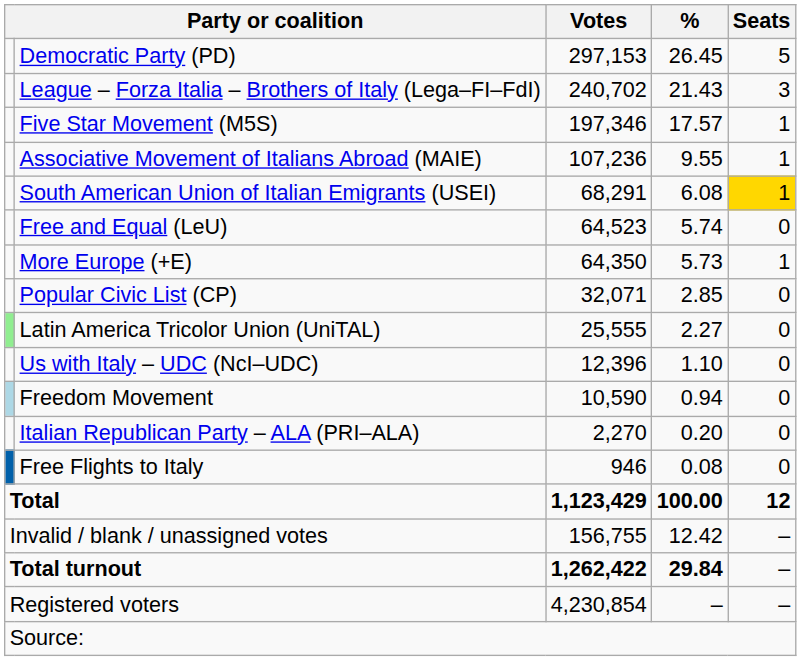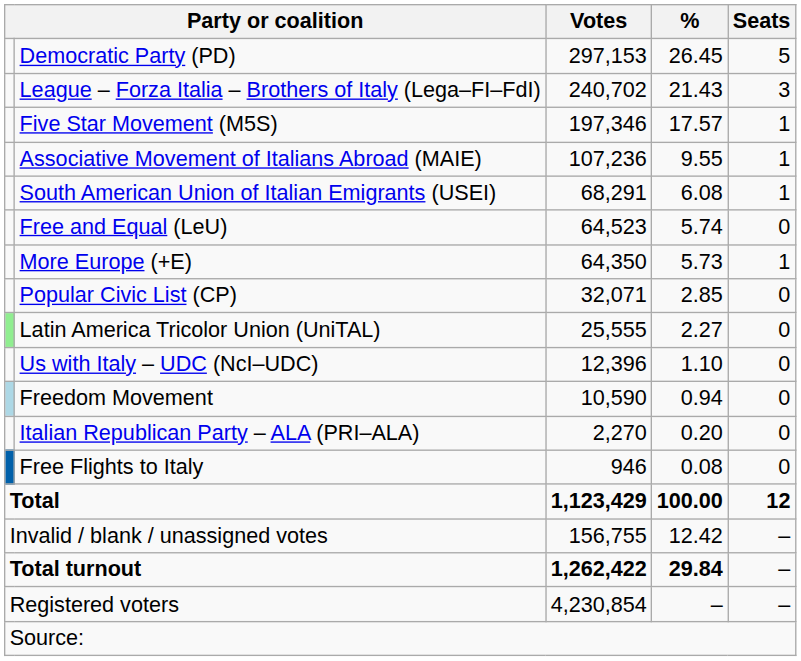 <table class=wikitable style="text-align:right">
 <tr>
 <th colspan=2>Party or coalition</th>
 <th>Votes</th>
 <th>%</th>
 <th>Seats</th>
 </tr>
 <tr>
 <td></td>
 <td align=left><a href='#'>Democratic Party</a> (PD)</td>
 <td>297,153</td>
 <td>26.45</td>
 <td>5</td>
 </tr>
 <tr>
 <td></td>
 <td align=left><a href='#'>League</a> – <a href='#'>Forza Italia</a> – <a href='#'>Brothers of Italy</a> (Lega–FI–FdI)</td>
 <td>240,702</td>
 <td>21.43</td>
 <td>3</td>
 </tr>
 <tr>
 <td></td>
 <td align=left><a href='#'>Five Star Movement</a> (M5S)</td>
 <td>197,346</td>
 <td>17.57</td>
 <td>1</td>
 </tr>
 <tr>
 <td></td>
 <td align=left><a href='#'>Associative Movement of Italians Abroad</a> (MAIE)</td>
 <td>107,236</td>
 <td>9.55</td>
 <td>1</td>
 </tr>
 <tr>
 <td></td>
 <td align=left><a href='#'>South American Union of Italian Emigrants</a> (USEI)</td>
 <td>68,291</td>
 <td>6.08</td>
-<td style="background: gold;">1</td>
+<td>1</td>
 </tr>
 <tr>
 <td></td>
 <td align=left><a href='#'>Free and Equal</a> (LeU)</td>
 <td>64,523</td>
 <td>5.74</td>
 <td>0</td>
 </tr>
 <tr>
 <td></td>
 <td align=left><a href='#'>More Europe</a> (+E)</td>
 <td>64,350</td>
 <td>5.73</td>
 <td>1</td>
 </tr>
 <tr>
 <td></td>
 <td align=left><a href='#'>Popular Civic List</a> (CP)</td>
 <td>32,071</td>
 <td>2.85</td>
 <td>0</td>
 </tr>
 <tr>
 <td style="background:lightgreen;"></td>
 <td align=left>Latin America Tricolor Union (UniTAL)</td>
 <td>25,555</td>
 <td>2.27</td>
 <td>0</td>
 </tr>
 <tr>
 <td></td>
 <td align=left><a href='#'>Us with Italy</a> – <a href='#'>UDC</a> (NcI–UDC)</td>
 <td>12,396</td>
 <td>1.10</td>
 <td>0</td>
 </tr>
 <tr>
 <td style="background:lightblue;"></td>
 <td align=left>Freedom Movement</td>
 <td>10,590</td>
 <td>0.94</td>
 <td>0</td>
 </tr>
 <tr>
 <td></td>
 <td align=left><a href='#'>Italian Republican Party</a> – <a href='#'>ALA</a> (PRI–ALA)</td>
 <td>2,270</td>
 <td>0.20</td>
 <td>0</td>
 </tr>
 <tr>
 <td style="background:#0060AA"></td>
 <td align=left>Free Flights to Italy</td>
 <td>946</td>
 <td>0.08</td>
 <td>0</td>
 </tr>
 <tr>
 <td style="text-align:left;" colspan="2"><strong>Total</strong></td>
 <td style="text-align:right;"><strong>1,123,429</strong></td>
 <td style="text-align:right;"><strong>100.00</strong></td>
 <td style="text-align:right;"><strong>12</strong></td>
 </tr>
 <tr>
 <td style="text-align:left;" colspan="2">Invalid / blank / unassigned votes</td>
 <td>156,755</td>
 <td>12.42</td>
 <td>–</td>
 </tr>
 <tr>
 <td style="text-align:left;" colspan="2"><strong>Total turnout</strong></td>
 <td><strong>1,262,422</strong></td>
 <td><strong>29.84</strong></td>
 <td>–</td>
 </tr>
 <tr>
 <td style="text-align:left;" colspan="2">Registered voters</td>
 <td>4,230,854</td>
 <td>–</td>
 <td>–</td>
 </tr>
 <tr>
 <td style="text-align:left;" colspan="7">Source: </td>
 </tr>
 </table>
